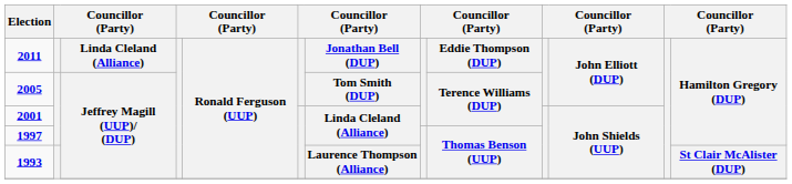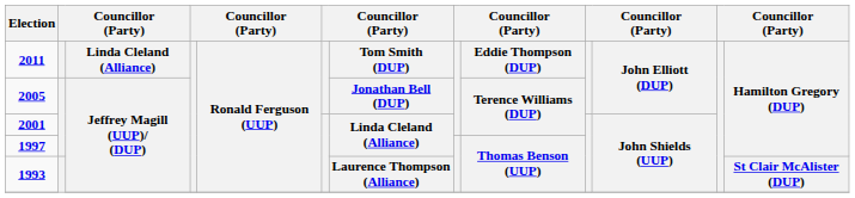 <table class="wikitable" style="text-align:center">
 <tr>
 <th scope="col" width="50">Election</th>
 <th scope="col" width="150" colspan = "2">Councillor<br> (Party)</th>
 <th scope="col" width="150" colspan = "2">Councillor<br> (Party)</th>
 <th scope="col" width="150" colspan = "2">Councillor<br> (Party)</th>
 <th scope="col" width="150" colspan = "2">Councillor<br> (Party)</th>
 <th scope="col" width="150" colspan = "2">Councillor<br> (Party)</th>
 <th scope="col" width="150" colspan = "2">Councillor<br> (Party)</th>
 </tr>
 <tr>
 <td><strong><a href='#'>2011</a></strong></td>
 <th rowspan="1" width="1" style="background-color: "></th>
 <th rowspan = "1">Linda Cleland <br> (<a href='#'>Alliance</a>)</th>
 <th rowspan="5" width="1" style="background-color: "></th>
 <th rowspan = "5">Ronald Ferguson <br> (<a href='#'>UUP</a>)</th>
 <th rowspan="2" width="1" style="background-color: "></th>
-<th rowspan = "1"><a href='#'>Jonathan Bell</a> <br> (<a href='#'>DUP</a>)</th>
+<th rowspan = "1">Tom Smith <br> (<a href='#'>DUP</a>)</th>
 <th rowspan="3" width="1" style="background-color: "></th>
 <th rowspan = "1">Eddie Thompson <br> (<a href='#'>DUP</a>)</th>
 <th rowspan="2" width="1" style="background-color: "></th>
 <th rowspan = "2">John Elliott <br> (<a href='#'>DUP</a>)</th>
 <th rowspan="5" width="1" style="background-color: "></th>
 <th rowspan = "4">Hamilton Gregory <br> (<a href='#'>DUP</a>)</th>
 </tr>
 <tr>
 <td><strong><a href='#'>2005</a></strong></td>
 <th rowspan="3" width="1" style="background-color: "></th>
 <th rowspan = "4">Jeffrey Magill <br> (<a href='#'>UUP</a>)/ <br> (<a href='#'>DUP</a>)</th>
-<th rowspan = "1">Tom Smith <br> (<a href='#'>DUP</a>)</th>
+<th rowspan = "1"><a href='#'>Jonathan Bell</a> <br> (<a href='#'>DUP</a>)</th>
 <th rowspan = "2">Terence Williams <br> (<a href='#'>DUP</a>)</th>
 </tr>
 <tr>
 <td><strong><a href='#'>2001</a></strong></td>
 <th rowspan="3" width="1" style="background-color: "></th>
 <th rowspan = "2">Linda Cleland <br> (<a href='#'>Alliance</a>)</th>
 <th rowspan="3" width="1" style="background-color: "></th>
 <th rowspan = "3">John Shields <br> (<a href='#'>UUP</a>)</th>
 </tr>
 <tr>
 <td><strong><a href='#'>1997</a></strong></td>
 <th rowspan="2" width="1" style="background-color: "></th>
 <th rowspan = "2"><a href='#'>Thomas Benson</a> <br> (<a href='#'>UUP</a>)</th>
 </tr>
 <tr>
 <td><strong><a href='#'>1993</a></strong></td>
 <th rowspan="3" width="1" style="background-color: "></th>
 <th rowspan = "1">Laurence Thompson <br> (<a href='#'>Alliance</a>)</th>
 <th rowspan = "1"><a href='#'>St Clair McAlister</a> <br> (<a href='#'>DUP</a>)</th>
 </tr>
 <tr>
 </tr>
 </table>
